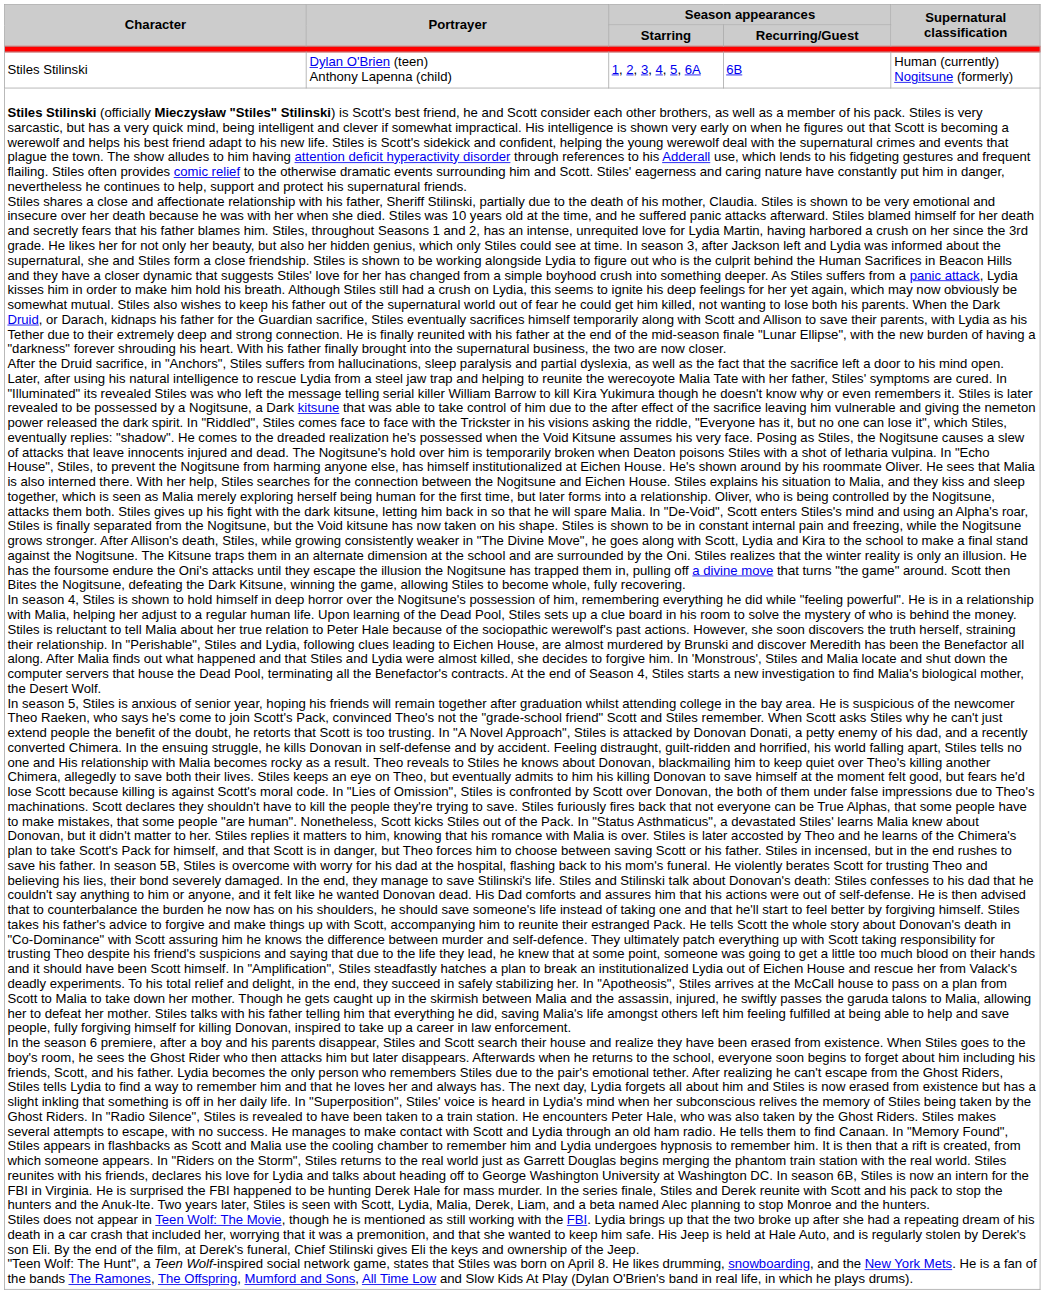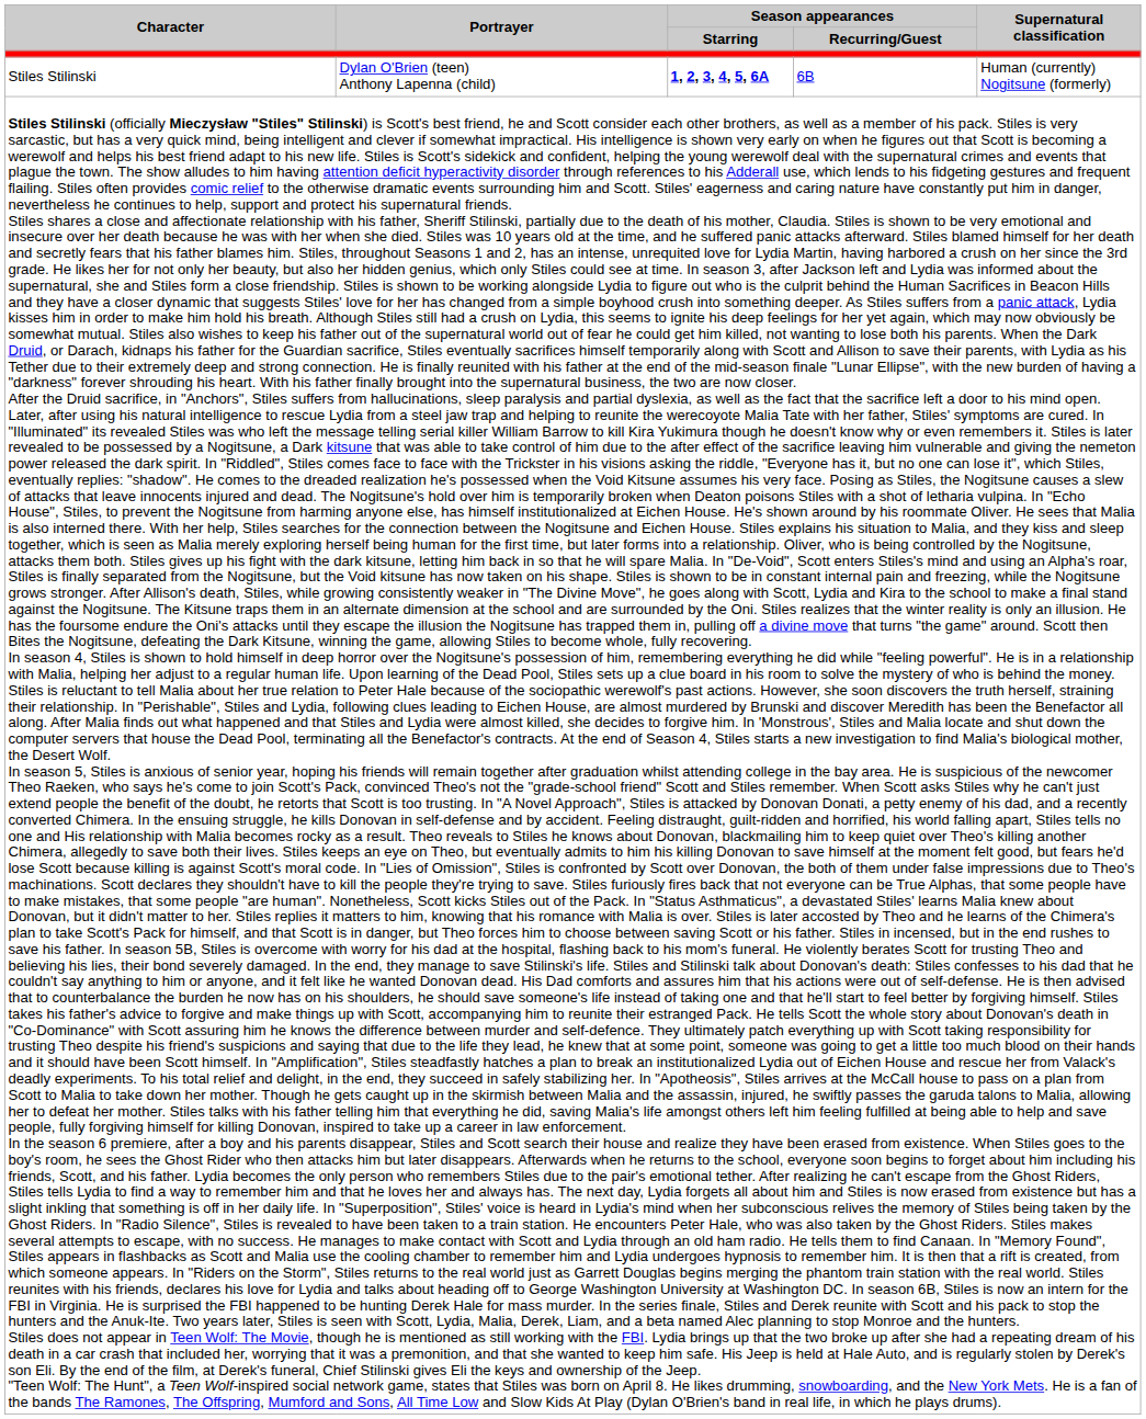 <table class="wikitable sortable" style="width:100%; margin-right:auto; background:#fff;">
 <tr style="color:black">
 <th rowspan="2" style="background:#ccc; width:16%;">Character</th>
 <th rowspan="2" style="background:#ccc; width:16%;">Portrayer</th>
 <th colspan="2" style="background:#ccc; width:13%;">Season appearances</th>
 <th rowspan="2" style="background:#ccc; width:7%;">Supernatural classification</th>
 </tr>
 <tr>
 <th style="background:#ccc;">Starring</th>
 <th style="background:#ccc;">Recurring/Guest</th>
 </tr>
 <tr>
 <td colspan="5" style="background:red;"></td>
 </tr>
 <tr>
 <td id="Stiles">Stiles Stilinski</td>
 <td><a href='#'>Dylan O'Brien</a> (teen)<br>Anthony Lapenna (child)</td>
-<td><a href='#'>1</a>, <a href='#'>2</a>, <a href='#'>3</a>, <a href='#'>4</a>, <a href='#'>5</a>, <a href='#'>6A</a></td>
+<td><strong><a href='#'>1</a>, <a href='#'>2</a>, <a href='#'>3</a>, <a href='#'>4</a>, <a href='#'>5</a>, <a href='#'>6A</a></strong></td>
 <td><a href='#'>6B</a></td>
 <td>Human (currently)<br><a href='#'>Nogitsune</a> (formerly)</td>
 </tr>
 <tr>
 <td colspan="5"><br><strong>Stiles Stilinski</strong> (officially <strong>Mieczysław "Stiles" Stilinski</strong>) is Scott's best friend, he and Scott consider each other brothers, as well as a member of his pack. Stiles is very sarcastic, but has a very quick mind, being intelligent and clever if somewhat impractical. His intelligence is shown very early on when he figures out that Scott is becoming a werewolf and helps his best friend adapt to his new life. Stiles is Scott's sidekick and confident, helping the young werewolf deal with the supernatural crimes and events that plague the town. The show alludes to him having <a href='#'>attention deficit hyperactivity disorder</a> through references to his <a href='#'>Adderall</a> use, which lends to his fidgeting gestures and frequent flailing. Stiles often provides <a href='#'>comic relief</a> to the otherwise dramatic events surrounding him and Scott. Stiles' eagerness and caring nature have constantly put him in danger, nevertheless he continues to help, support and protect his supernatural friends.<br>Stiles shares a close and affectionate relationship with his father, Sheriff Stilinski, partially due to the death of his mother, Claudia. Stiles is shown to be very emotional and insecure over her death because he was with her when she died. Stiles was 10 years old at the time, and he suffered panic attacks afterward. Stiles blamed himself for her death and secretly fears that his father blames him. Stiles, throughout Seasons 1 and 2, has an intense, unrequited love for Lydia Martin, having harbored a crush on her since the 3rd grade. He likes her for not only her beauty, but also her hidden genius, which only Stiles could see at time. In season 3, after Jackson left and Lydia was informed about the supernatural, she and Stiles form a close friendship. Stiles is shown to be working alongside Lydia to figure out who is the culprit behind the Human Sacrifices in Beacon Hills and they have a closer dynamic that suggests Stiles' love for her has changed from a simple boyhood crush into something deeper. As Stiles suffers from a <a href='#'>panic attack</a>, Lydia kisses him in order to make him hold his breath. Although Stiles still had a crush on Lydia, this seems to ignite his deep feelings for her yet again, which may now obviously be somewhat mutual. Stiles also wishes to keep his father out of the supernatural world out of fear he could get him killed, not wanting to lose both his parents. When the Dark <a href='#'>Druid</a>, or Darach, kidnaps his father for the Guardian sacrifice, Stiles eventually sacrifices himself temporarily along with Scott and Allison to save their parents, with Lydia as his Tether due to their extremely deep and strong connection. He is finally reunited with his father at the end of the mid-season finale "Lunar Ellipse", with the new burden of having a "darkness" forever shrouding his heart. With his father finally brought into the supernatural business, the two are now closer.<br>After the Druid sacrifice, in "Anchors", Stiles suffers from hallucinations, sleep paralysis and partial dyslexia, as well as the fact that the sacrifice left a door to his mind open. Later, after using his natural intelligence to rescue Lydia from a steel jaw trap and helping to reunite the werecoyote Malia Tate with her father, Stiles' symptoms are cured. In "Illuminated" its revealed Stiles was who left the message telling serial killer William Barrow to kill Kira Yukimura though he doesn't know why or even remembers it. Stiles is later revealed to be possessed by a Nogitsune, a Dark <a href='#'>kitsune</a> that was able to take control of him due to the after effect of the sacrifice leaving him vulnerable and giving the nemeton power released the dark spirit. In "Riddled", Stiles comes face to face with the Trickster in his visions asking the riddle, "Everyone has it, but no one can lose it", which Stiles, eventually replies: "shadow". He comes to the dreaded realization he's possessed when the Void Kitsune assumes his very face. Posing as Stiles, the Nogitsune causes a slew of attacks that leave innocents injured and dead. The Nogitsune's hold over him is temporarily broken when Deaton poisons Stiles with a shot of letharia vulpina. In "Echo House", Stiles, to prevent the Nogitsune from harming anyone else, has himself institutionalized at Eichen House. He's shown around by his roommate Oliver. He sees that Malia is also interned there. With her help, Stiles searches for the connection between the Nogitsune and Eichen House. Stiles explains his situation to Malia, and they kiss and sleep together, which is seen as Malia merely exploring herself being human for the first time, but later forms into a relationship. Oliver, who is being controlled by the Nogitsune, attacks them both. Stiles gives up his fight with the dark kitsune, letting him back in so that he will spare Malia. In "De-Void", Scott enters Stiles's mind and using an Alpha's roar, Stiles is finally separated from the Nogitsune, but the Void kitsune has now taken on his shape. Stiles is shown to be in constant internal pain and freezing, while the Nogitsune grows stronger. After Allison's death, Stiles, while growing consistently weaker in "The Divine Move", he goes along with Scott, Lydia and Kira to the school to make a final stand against the Nogitsune. The Kitsune traps them in an alternate dimension at the school and are surrounded by the Oni. Stiles realizes that the winter reality is only an illusion. He has the foursome endure the Oni's attacks until they escape the illusion the Nogitsune has trapped them in, pulling off <a href='#'>a divine move</a> that turns "the game" around. Scott then Bites the Nogitsune, defeating the Dark Kitsune, winning the game, allowing Stiles to become whole, fully recovering.<br>In season 4, Stiles is shown to hold himself in deep horror over the Nogitsune's possession of him, remembering everything he did while "feeling powerful". He is in a relationship with Malia, helping her adjust to a regular human life. Upon learning of the Dead Pool, Stiles sets up a clue board in his room to solve the mystery of who is behind the money. Stiles is reluctant to tell Malia about her true relation to Peter Hale because of the sociopathic werewolf's past actions. However, she soon discovers the truth herself, straining their relationship. In "Perishable", Stiles and Lydia, following clues leading to Eichen House, are almost murdered by Brunski and discover Meredith has been the Benefactor all along. After Malia finds out what happened and that Stiles and Lydia were almost killed, she decides to forgive him. In 'Monstrous', Stiles and Malia locate and shut down the computer servers that house the Dead Pool, terminating all the Benefactor's contracts. At the end of Season 4, Stiles starts a new investigation to find Malia's biological mother, the Desert Wolf.<br>In season 5, Stiles is anxious of senior year, hoping his friends will remain together after graduation whilst attending college in the bay area. He is suspicious of the newcomer Theo Raeken, who says he's come to join Scott's Pack, convinced Theo's not the "grade-school friend" Scott and Stiles remember. When Scott asks Stiles why he can't just extend people the benefit of the doubt, he retorts that Scott is too trusting. In "A Novel Approach", Stiles is attacked by Donovan Donati, a petty enemy of his dad, and a recently converted Chimera. In the ensuing struggle, he kills Donovan in self-defense and by accident. Feeling distraught, guilt-ridden and horrified, his world falling apart, Stiles tells no one and His relationship with Malia becomes rocky as a result. Theo reveals to Stiles he knows about Donovan, blackmailing him to keep quiet over Theo's killing another Chimera, allegedly to save both their lives. Stiles keeps an eye on Theo, but eventually admits to him his killing Donovan to save himself at the moment felt good, but fears he'd lose Scott because killing is against Scott's moral code. In "Lies of Omission", Stiles is confronted by Scott over Donovan, the both of them under false impressions due to Theo's machinations. Scott declares they shouldn't have to kill the people they're trying to save. Stiles furiously fires back that not everyone can be True Alphas, that some people have to make mistakes, that some people "are human". Nonetheless, Scott kicks Stiles out of the Pack. In "Status Asthmaticus", a devastated Stiles' learns Malia knew about Donovan, but it didn't matter to her. Stiles replies it matters to him, knowing that his romance with Malia is over. Stiles is later accosted by Theo and he learns of the Chimera's plan to take Scott's Pack for himself, and that Scott is in danger, but Theo forces him to choose between saving Scott or his father. Stiles in incensed, but in the end rushes to save his father. In season 5B, Stiles is overcome with worry for his dad at the hospital, flashing back to his mom's funeral. He violently berates Scott for trusting Theo and believing his lies, their bond severely damaged. In the end, they manage to save Stilinski's life. Stiles and Stilinski talk about Donovan's death: Stiles confesses to his dad that he couldn't say anything to him or anyone, and it felt like he wanted Donovan dead. His Dad comforts and assures him that his actions were out of self-defense. He is then advised that to counterbalance the burden he now has on his shoulders, he should save someone's life instead of taking one and that he'll start to feel better by forgiving himself. Stiles takes his father's advice to forgive and make things up with Scott, accompanying him to reunite their estranged Pack. He tells Scott the whole story about Donovan's death in "Co-Dominance" with Scott assuring him he knows the difference between murder and self-defence. They ultimately patch everything up with Scott taking responsibility for trusting Theo despite his friend's suspicions and saying that due to the life they lead, he knew that at some point, someone was going to get a little too much blood on their hands and it should have been Scott himself. In "Amplification", Stiles steadfastly hatches a plan to break an institutionalized Lydia out of Eichen House and rescue her from Valack's deadly experiments. To his total relief and delight, in the end, they succeed in safely stabilizing her. In "Apotheosis", Stiles arrives at the McCall house to pass on a plan from Scott to Malia to take down her mother. Though he gets caught up in the skirmish between Malia and the assassin, injured, he swiftly passes the garuda talons to Malia, allowing her to defeat her mother. Stiles talks with his father telling him that everything he did, saving Malia's life amongst others left him feeling fulfilled at being able to help and save people, fully forgiving himself for killing Donovan, inspired to take up a career in law enforcement.<br>In the season 6 premiere, after a boy and his parents disappear, Stiles and Scott search their house and realize they have been erased from existence. When Stiles goes to the boy's room, he sees the Ghost Rider who then attacks him but later disappears. Afterwards when he returns to the school, everyone soon begins to forget about him including his friends, Scott, and his father. Lydia becomes the only person who remembers Stiles due to the pair's emotional tether. After realizing he can't escape from the Ghost Riders, Stiles tells Lydia to find a way to remember him and that he loves her and always has. The next day, Lydia forgets all about him and Stiles is now erased from existence but has a slight inkling that something is off in her daily life. In "Superposition", Stiles' voice is heard in Lydia's mind when her subconscious relives the memory of Stiles being taken by the Ghost Riders. In "Radio Silence", Stiles is revealed to have been taken to a train station. He encounters Peter Hale, who was also taken by the Ghost Riders. Stiles makes several attempts to escape, with no success. He manages to make contact with Scott and Lydia through an old ham radio. He tells them to find Canaan. In "Memory Found", Stiles appears in flashbacks as Scott and Malia use the cooling chamber to remember him and Lydia undergoes hypnosis to remember him. It is then that a rift is created, from which someone appears. In "Riders on the Storm", Stiles returns to the real world just as Garrett Douglas begins merging the phantom train station with the real world. Stiles reunites with his friends, declares his love for Lydia and talks about heading off to George Washington University at Washington DC. In season 6B, Stiles is now an intern for the FBI in Virginia. He is surprised the FBI happened to be hunting Derek Hale for mass murder. In the series finale, Stiles and Derek reunite with Scott and his pack to stop the hunters and the Anuk-Ite. Two years later, Stiles is seen with Scott, Lydia, Malia, Derek, Liam, and a beta named Alec planning to stop Monroe and the hunters.<br>Stiles does not appear in <a href='#'>Teen Wolf: The Movie</a>, though he is mentioned as still working with the <a href='#'>FBI</a>. Lydia brings up that the two broke up after she had a repeating dream of his death in a car crash that included her, worrying that it was a premonition, and that she wanted to keep him safe. His Jeep is held at Hale Auto, and is regularly stolen by Derek's son Eli. By the end of the film, at Derek's funeral, Chief Stilinski gives Eli the keys and ownership of the Jeep.<br>"Teen Wolf: The Hunt", a <em>Teen Wolf</em>-inspired social network game, states that Stiles was born on April 8. He likes drumming, <a href='#'>snowboarding</a>, and the <a href='#'>New York Mets</a>. He is a fan of the bands <a href='#'>The Ramones</a>, <a href='#'>The Offspring</a>, <a href='#'>Mumford and Sons</a>, <a href='#'>All Time Low</a> and Slow Kids At Play (Dylan O'Brien's band in real life, in which he plays drums).</td>
 </tr>
 </table>
